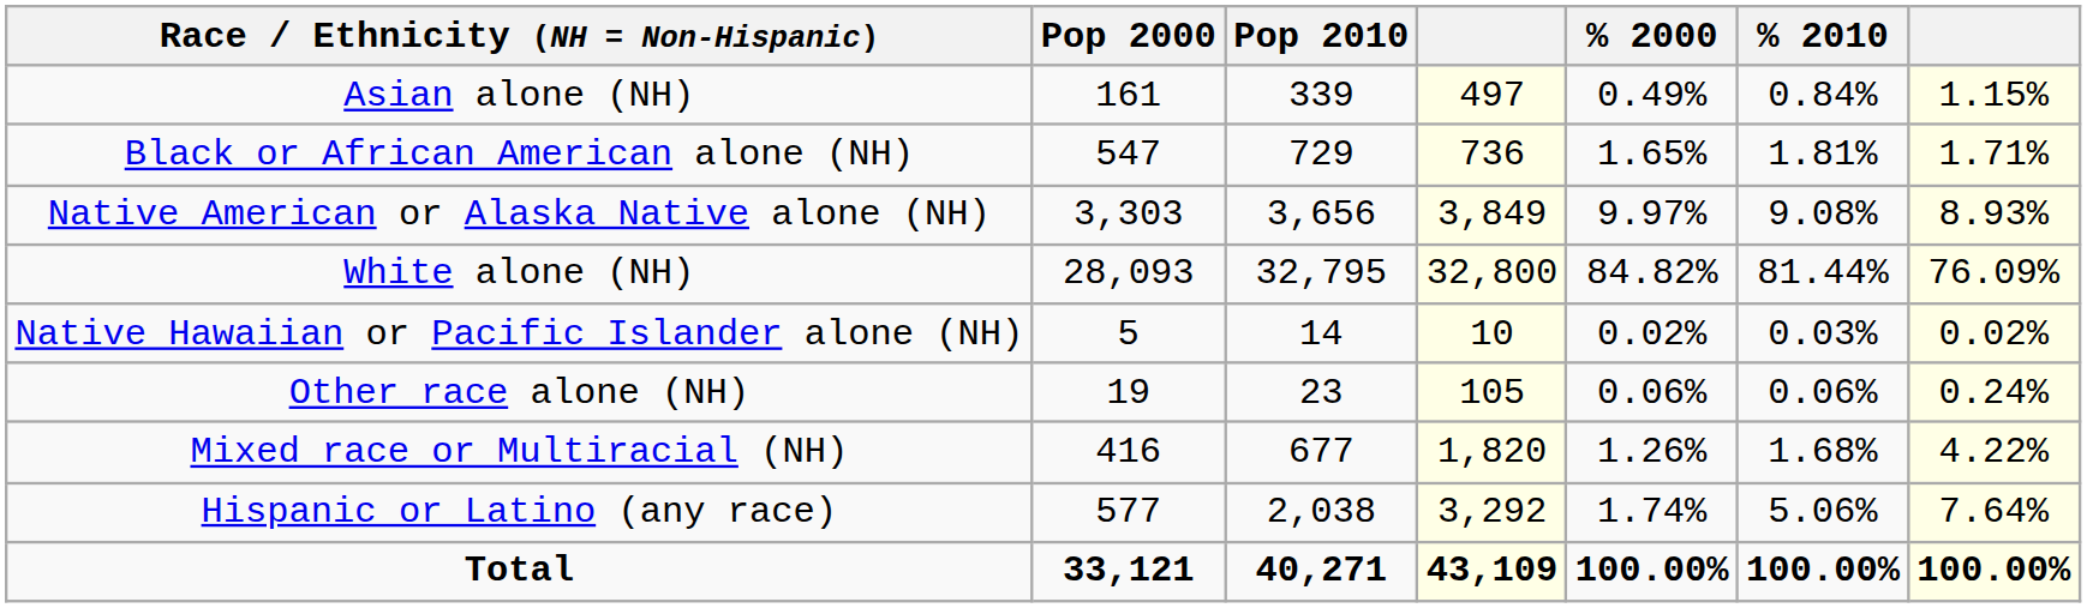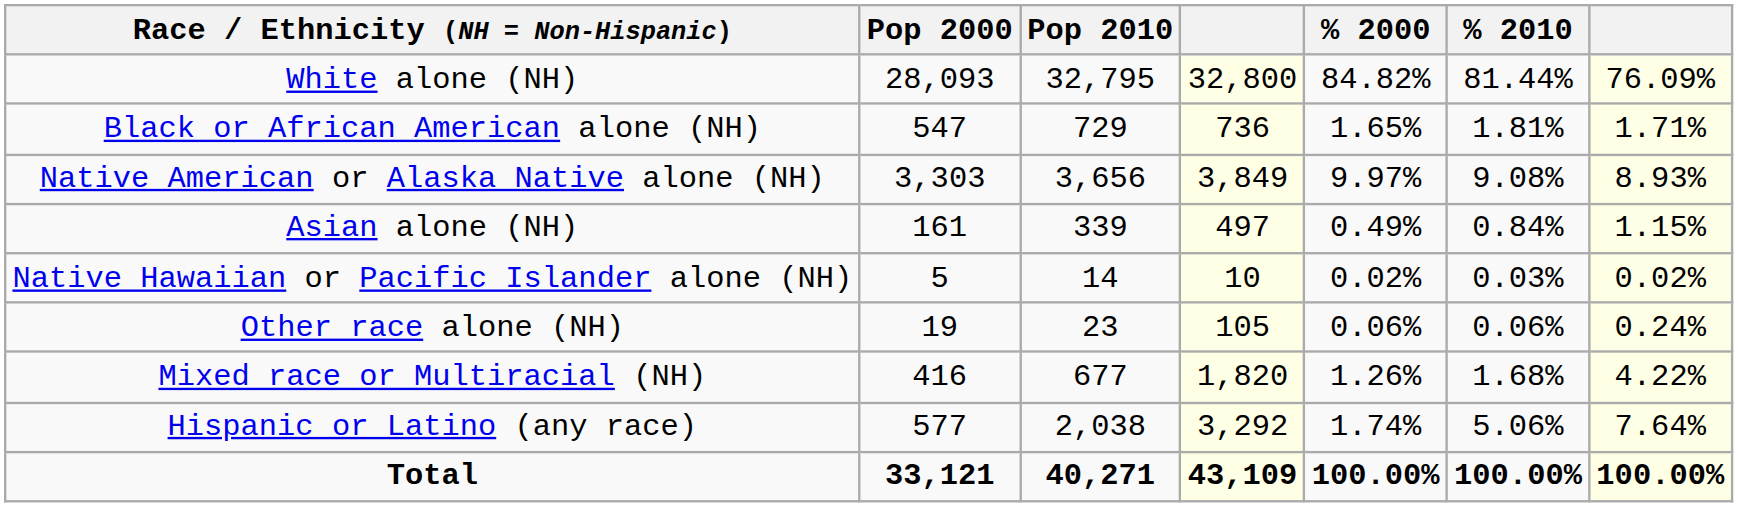 <table class="wikitable" style="text-align:center;">
 <tr>
 <th>Race / Ethnicity <small>(<em>NH = Non-Hispanic</em>)</small></th>
 <th>Pop 2000</th>
 <th>Pop 2010</th>
 <th></th>
 <th>% 2000</th>
 <th>% 2010</th>
 <th></th>
 </tr>
 <tr>
-<td><a href='#'>Asian</a> alone (NH)</td>
-<td>161</td>
-<td>339</td>
-<td style='background: #ffffe6;'>497</td>
-<td>0.49%</td>
-<td>0.84%</td>
-<td style='background: #ffffe6;'>1.15%</td>
+<td><a href='#'>White</a> alone (NH)</td>
+<td>28,093</td>
+<td>32,795</td>
+<td style='background: #ffffe6;'>32,800</td>
+<td>84.82%</td>
+<td>81.44%</td>
+<td style='background: #ffffe6;'>76.09%</td>
 </tr>
 <tr>
 <td><a href='#'>Black or African American</a> alone (NH)</td>
 <td>547</td>
 <td>729</td>
 <td style='background: #ffffe6;'>736</td>
 <td>1.65%</td>
 <td>1.81%</td>
 <td style='background: #ffffe6;'>1.71%</td>
 </tr>
 <tr>
 <td><a href='#'>Native American</a> or <a href='#'>Alaska Native</a> alone (NH)</td>
 <td>3,303</td>
 <td>3,656</td>
 <td style='background: #ffffe6;'>3,849</td>
 <td>9.97%</td>
 <td>9.08%</td>
 <td style='background: #ffffe6;'>8.93%</td>
 </tr>
 <tr>
-<td><a href='#'>White</a> alone (NH)</td>
-<td>28,093</td>
-<td>32,795</td>
-<td style='background: #ffffe6;'>32,800</td>
-<td>84.82%</td>
-<td>81.44%</td>
-<td style='background: #ffffe6;'>76.09%</td>
+<td><a href='#'>Asian</a> alone (NH)</td>
+<td>161</td>
+<td>339</td>
+<td style='background: #ffffe6;'>497</td>
+<td>0.49%</td>
+<td>0.84%</td>
+<td style='background: #ffffe6;'>1.15%</td>
 </tr>
 <tr>
 <td><a href='#'>Native Hawaiian</a> or <a href='#'>Pacific Islander</a> alone (NH)</td>
 <td>5</td>
 <td>14</td>
 <td style='background: #ffffe6;'>10</td>
 <td>0.02%</td>
 <td>0.03%</td>
 <td style='background: #ffffe6;'>0.02%</td>
 </tr>
 <tr>
 <td><a href='#'>Other race</a> alone (NH)</td>
 <td>19</td>
 <td>23</td>
 <td style='background: #ffffe6;'>105</td>
 <td>0.06%</td>
 <td>0.06%</td>
 <td style='background: #ffffe6;'>0.24%</td>
 </tr>
 <tr>
 <td><a href='#'>Mixed race or Multiracial</a> (NH)</td>
 <td>416</td>
 <td>677</td>
 <td style='background: #ffffe6;'>1,820</td>
 <td>1.26%</td>
 <td>1.68%</td>
 <td style='background: #ffffe6;'>4.22%</td>
 </tr>
 <tr>
 <td><a href='#'>Hispanic or Latino</a> (any race)</td>
 <td>577</td>
 <td>2,038</td>
 <td style='background: #ffffe6;'>3,292</td>
 <td>1.74%</td>
 <td>5.06%</td>
 <td style='background: #ffffe6;'>7.64%</td>
 </tr>
 <tr>
 <td><strong>Total</strong></td>
 <td><strong>33,121</strong></td>
 <td><strong>40,271</strong></td>
 <td style='background: #ffffe6;'><strong>43,109</strong></td>
 <td><strong>100.00%</strong></td>
 <td><strong>100.00%</strong></td>
 <td style='background: #ffffe6;'><strong>100.00%</strong></td>
 </tr>
 </table>
